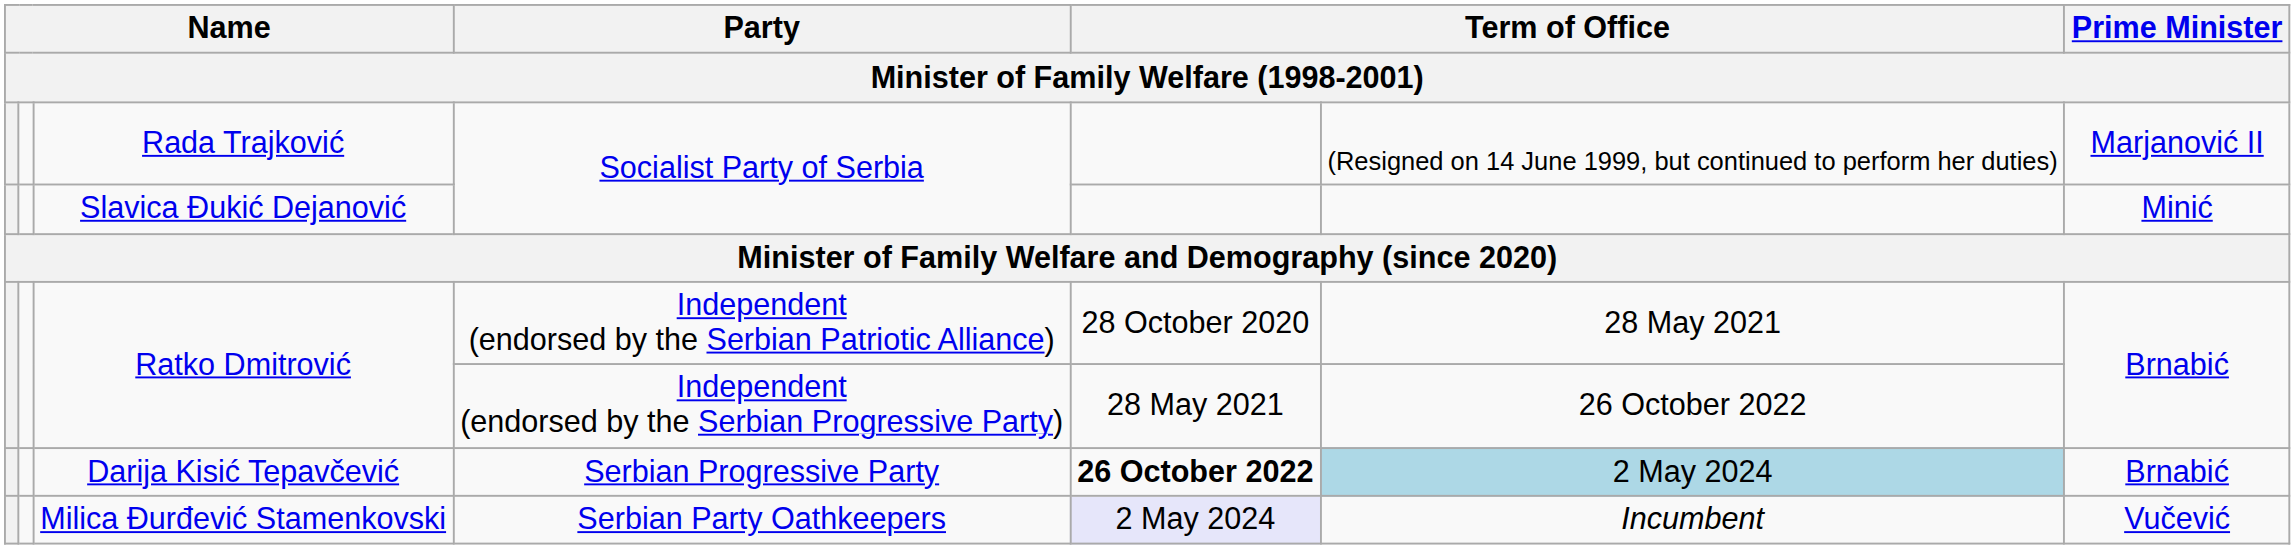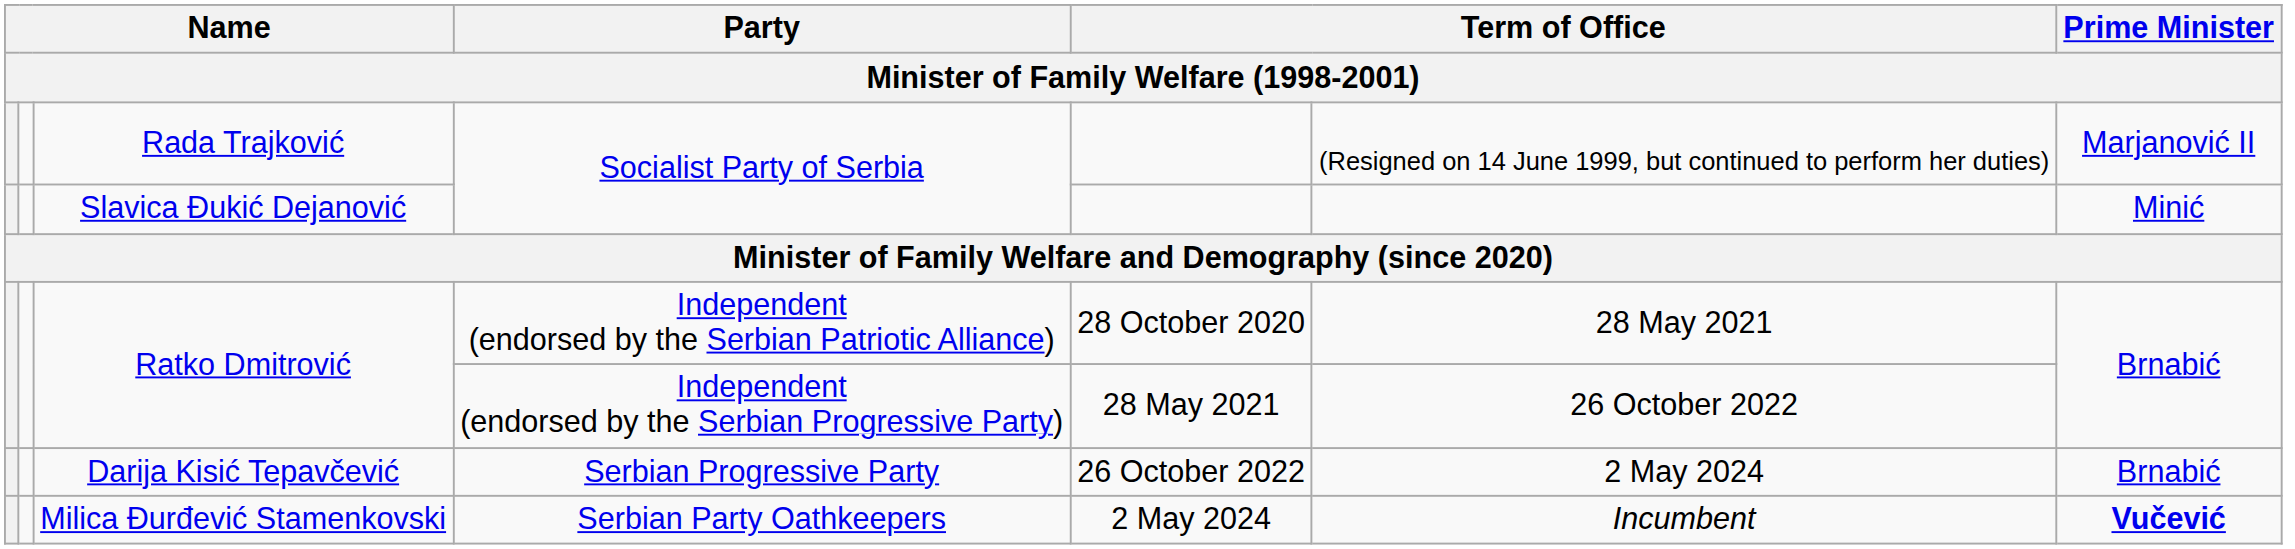 <table class="wikitable" style="text-align:center;">
 <tr>
 <th colspan=3>Name<br></th>
 <th>Party</th>
 <th colspan=2>Term of Office</th>
 <th><a href='#'>Prime Minister</a><br></th>
 </tr>
 <tr>
 <th colspan="8">Minister of Family Welfare (1998-2001)</th>
 </tr>
 <tr>
 <th style="background:"></th>
 <td></td>
 <td><a href='#'>Rada Trajković</a><br></td>
 <td rowspan="2"><a href='#'>Socialist Party of Serbia</a></td>
 <td></td>
 <td><br><small>(Resigned on 14 June 1999, but continued to perform her duties)</small></td>
 <td><a href='#'>Marjanović II</a></td>
 </tr>
 <tr>
 <th style="background:"></th>
 <td></td>
 <td><a href='#'>Slavica Đukić Dejanović</a><br></td>
 <td></td>
 <td></td>
 <td><a href='#'>Minić</a></td>
 </tr>
 <tr>
 <th colspan="8">Minister of Family Welfare and Demography (since 2020)</th>
 </tr>
 <tr>
 <th rowspan="2" style="background:"></th>
 <td rowspan="2"></td>
 <td rowspan="2"><a href='#'>Ratko Dmitrović</a><br></td>
 <td><a href='#'>Independent</a><br>(endorsed by the <a href='#'>Serbian Patriotic Alliance</a>)</td>
 <td>28 October 2020</td>
 <td>28 May 2021</td>
 <td rowspan="2"><a href='#'>Brnabić</a> </td>
 </tr>
 <tr>
 <td><a href='#'>Independent</a><br>(endorsed by the <a href='#'>Serbian Progressive Party</a>)</td>
 <td>28 May 2021</td>
 <td>26 October 2022</td>
 </tr>
 <tr>
 <th style="background:"></th>
 <td></td>
 <td><a href='#'>Darija Kisić Tepavčević</a><br></td>
 <td><a href='#'>Serbian Progressive Party</a></td>
-<td><strong>26 October 2022</strong></td>
-<td style="background: lightblue;">2 May 2024</td>
+<td>26 October 2022</td>
+<td>2 May 2024</td>
 <td><a href='#'>Brnabić</a> </td>
 </tr>
 <tr>
 <th style="background:"></th>
 <td></td>
 <td><a href='#'>Milica Đurđević Stamenkovski</a><br></td>
 <td><a href='#'>Serbian Party Oathkeepers</a></td>
-<td style="background: lavender;">2 May 2024</td>
+<td>2 May 2024</td>
 <td><em>Incumbent</em></td>
-<td><a href='#'>Vučević</a></td>
+<td><strong><a href='#'>Vučević</a></strong></td>
 </tr>
 </table>
